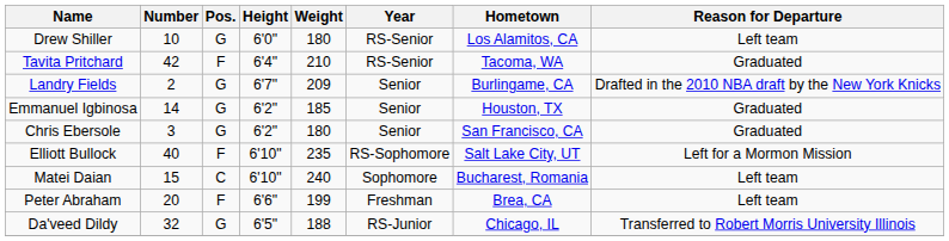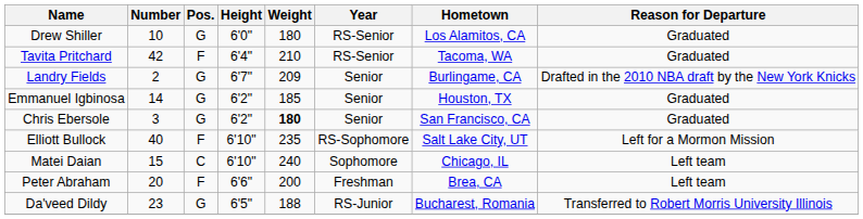 <table class="wikitable sortable sortable" style="text-align: center">
 <tr align=center>
 <th>Name</th>
 <th>Number</th>
 <th>Pos.</th>
 <th>Height</th>
 <th>Weight</th>
 <th>Year</th>
 <th>Hometown</th>
 <th>Reason for Departure</th>
 </tr>
 <tr>
 <td>Drew Shiller</td>
 <td>10</td>
 <td>G</td>
 <td>6'0"</td>
 <td>180</td>
 <td>RS-Senior</td>
 <td><a href='#'>Los Alamitos, CA</a></td>
-<td>Left team</td>
+<td>Graduated</td>
 </tr>
 <tr>
 <td><a href='#'>Tavita Pritchard</a></td>
 <td>42</td>
 <td>F</td>
 <td>6'4"</td>
 <td>210</td>
 <td>RS-Senior</td>
 <td><a href='#'>Tacoma, WA</a></td>
 <td>Graduated</td>
 </tr>
 <tr>
 <td><a href='#'>Landry Fields</a></td>
 <td>2</td>
 <td>G</td>
 <td>6'7"</td>
 <td>209</td>
 <td>Senior</td>
 <td><a href='#'>Burlingame, CA</a></td>
 <td>Drafted in the <a href='#'>2010 NBA draft</a> by the <a href='#'>New York Knicks</a></td>
 </tr>
 <tr>
 <td>Emmanuel Igbinosa</td>
 <td>14</td>
 <td>G</td>
 <td>6'2"</td>
 <td>185</td>
 <td>Senior</td>
 <td><a href='#'>Houston, TX</a></td>
 <td>Graduated</td>
 </tr>
 <tr>
 <td>Chris Ebersole</td>
 <td>3</td>
 <td>G</td>
 <td>6'2"</td>
-<td>180</td>
+<td><strong>180</strong></td>
 <td>Senior</td>
 <td><a href='#'>San Francisco, CA</a></td>
 <td>Graduated</td>
 </tr>
 <tr>
 <td>Elliott Bullock</td>
 <td>40</td>
 <td>F</td>
 <td>6'10"</td>
 <td>235</td>
 <td>RS-Sophomore</td>
 <td><a href='#'>Salt Lake City, UT</a></td>
 <td>Left for a Mormon Mission</td>
 </tr>
 <tr>
 <td>Matei Daian</td>
 <td>15</td>
 <td>C</td>
 <td>6'10"</td>
 <td>240</td>
 <td>Sophomore</td>
-<td><a href='#'>Bucharest, Romania</a></td>
+<td><a href='#'>Chicago, IL</a></td>
 <td>Left team</td>
 </tr>
 <tr>
 <td>Peter Abraham</td>
 <td>20</td>
 <td>F</td>
 <td>6'6"</td>
-<td>199</td>
+<td>200</td>
 <td>Freshman</td>
 <td><a href='#'>Brea, CA</a></td>
 <td>Left team</td>
 </tr>
 <tr>
 <td>Da'veed Dildy</td>
-<td>32</td>
+<td>23</td>
 <td>G</td>
 <td>6'5"</td>
 <td>188</td>
 <td>RS-Junior</td>
-<td><a href='#'>Chicago, IL</a></td>
+<td><a href='#'>Bucharest, Romania</a></td>
 <td>Transferred to <a href='#'>Robert Morris University Illinois</a></td>
 </tr>
 <tr>
 </tr>
 </table>
